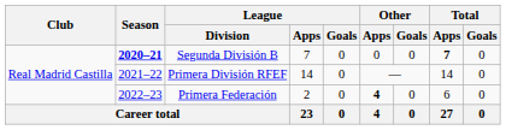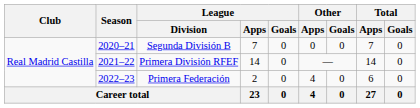 <table class=wikitable style=text-align:center>
 <tr>
 <th rowspan=2>Club</th>
 <th rowspan=2>Season</th>
 <th colspan=3>League</th>
 <th colspan=2>Other</th>
 <th colspan=2>Total</th>
 </tr>
 <tr>
 <th>Division</th>
 <th>Apps</th>
 <th>Goals</th>
 <th>Apps</th>
 <th>Goals</th>
 <th>Apps</th>
 <th>Goals</th>
 </tr>
 <tr>
 <td rowspan="3"><a href='#'>Real Madrid Castilla</a></td>
-<td><strong><a href='#'>2020–21</a></strong></td>
+<td><a href='#'>2020–21</a></td>
 <td><a href='#'>Segunda División B</a></td>
 <td>7</td>
 <td>0</td>
 <td>0</td>
 <td>0</td>
-<td><strong>7</strong></td>
+<td>7</td>
 <td>0</td>
 </tr>
 <tr>
 <td><a href='#'>2021–22</a></td>
 <td><a href='#'>Primera División RFEF</a></td>
 <td>14</td>
 <td>0</td>
 <td colspan="2">—</td>
 <td>14</td>
 <td>0</td>
 </tr>
 <tr>
 <td><a href='#'>2022–23</a></td>
 <td><a href='#'>Primera Federación</a></td>
 <td>2</td>
 <td>0</td>
-<td><strong>4</strong></td>
+<td>4</td>
 <td>0</td>
 <td>6</td>
 <td>0</td>
 </tr>
 <tr>
 <th colspan="3">Career total</th>
 <th>23</th>
 <th>0</th>
 <th>4</th>
 <th>0</th>
 <th>27</th>
 <th>0</th>
 </tr>
 </table>
